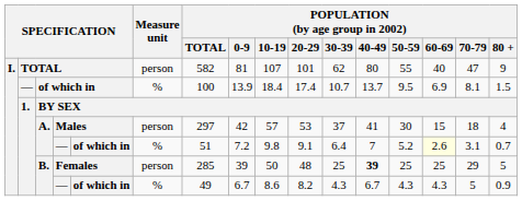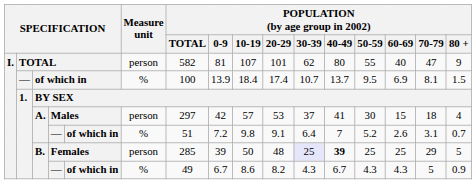 <table class="wikitable" style="font-size:85%; text-align:center">
 <tr>
 <th rowspan="2" colspan="5">SPECIFICATION</th>
 <th rowspan="2">Measure<br> unit</th>
 <th colspan="10" rowspan="1">POPULATION<br> (by age group in 2002)</th>
 </tr>
 <tr>
 <th>TOTAL</th>
 <th>0-9</th>
 <th>10-19</th>
 <th>20-29</th>
 <th>30-39</th>
 <th>40-49</th>
 <th>50-59</th>
 <th>60-69</th>
 <th>70-79</th>
 <th>80 +</th>
 </tr>
 <tr>
 <th style="text-align:left" valign="top" rowspan="7">I.</th>
 <th style="text-align:left" colspan="4">TOTAL</th>
 <td>person</td>
 <td>582</td>
 <td>81</td>
 <td>107</td>
 <td>101</td>
 <td>62</td>
 <td>80</td>
 <td>55</td>
 <td>40</td>
 <td>47</td>
 <td>9</td>
 </tr>
 <tr>
 <th style="text-align:left" valign="top">—</th>
 <th style="text-align:left" colspan="3">of which in</th>
 <td>%</td>
 <td>100</td>
 <td>13.9</td>
 <td>18.4</td>
 <td>17.4</td>
 <td>10.7</td>
 <td>13.7</td>
 <td>9.5</td>
 <td>6.9</td>
 <td>8.1</td>
 <td>1.5</td>
 </tr>
 <tr>
 <th style="text-align:left" valign="top" rowspan="5">1.</th>
 <th style="text-align:left" colspan="14">BY SEX</th>
 </tr>
 <tr>
 <th style="text-align:left" valign="top" rowspan="2">A.</th>
 <th style="text-align:left" colspan="2">Males</th>
 <td>person</td>
 <td>297</td>
 <td>42</td>
 <td>57</td>
 <td>53</td>
 <td>37</td>
 <td>41</td>
 <td>30</td>
 <td>15</td>
 <td>18</td>
 <td>4</td>
 </tr>
 <tr>
 <th style="text-align:left" valign="top">—</th>
 <th style="text-align:left" colspan="1">of which in</th>
 <td>%</td>
 <td>51</td>
 <td>7.2</td>
 <td>9.8</td>
 <td>9.1</td>
 <td>6.4</td>
 <td>7</td>
 <td>5.2</td>
-<td style="background: lightyellow;">2.6</td>
+<td>2.6</td>
 <td>3.1</td>
 <td>0.7</td>
 </tr>
 <tr>
 <th style="text-align:left" valign="top" rowspan="2">B.</th>
 <th style="text-align:left" colspan="2">Females</th>
 <td>person</td>
 <td>285</td>
 <td>39</td>
 <td>50</td>
 <td>48</td>
-<td>25</td>
+<td style="background: lavender;">25</td>
 <td><strong>39</strong></td>
 <td>25</td>
 <td>25</td>
 <td>29</td>
 <td>5</td>
 </tr>
 <tr>
 <th style="text-align:left" valign="top">—</th>
 <th style="text-align:left" colspan="1">of which in</th>
 <td>%</td>
 <td>49</td>
 <td>6.7</td>
 <td>8.6</td>
 <td>8.2</td>
 <td>4.3</td>
 <td>6.7</td>
 <td>4.3</td>
 <td>4.3</td>
 <td>5</td>
 <td>0.9</td>
 </tr>
 </table>
